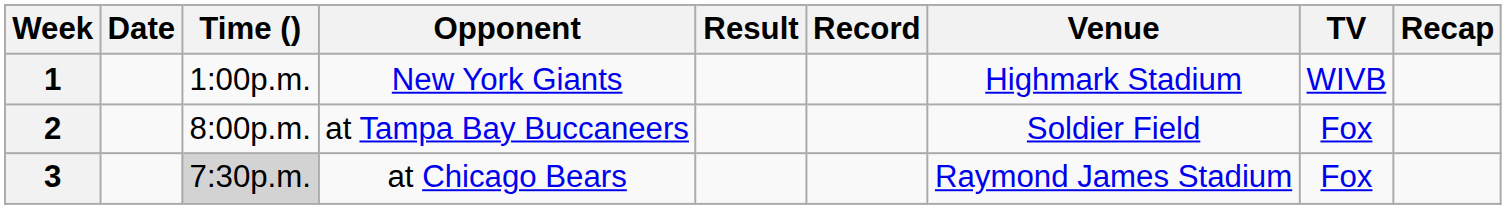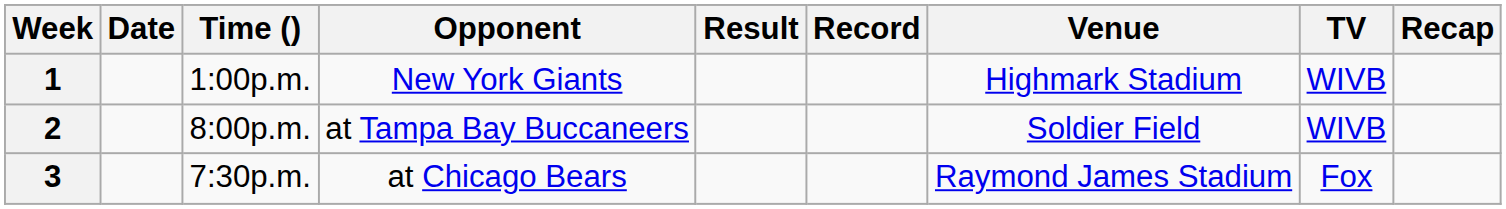 <table class="wikitable" style="text-align:center">
 <tr>
 <th>Week</th>
 <th>Date</th>
 <th>Time (<a href='#'></a>)</th>
 <th>Opponent</th>
 <th>Result</th>
 <th>Record</th>
 <th>Venue</th>
 <th>TV</th>
 <th>Recap</th>
 </tr>
 <tr>
 <th>1</th>
 <td></td>
 <td>1:00p.m.</td>
 <td><a href='#'>New York Giants</a></td>
 <td></td>
 <td></td>
 <td><a href='#'>Highmark Stadium</a></td>
 <td><a href='#'>WIVB</a></td>
 <td></td>
 </tr>
 <tr>
 <th>2</th>
 <td></td>
 <td>8:00p.m.</td>
 <td>at <a href='#'>Tampa Bay Buccaneers</a></td>
 <td></td>
 <td></td>
 <td><a href='#'>Soldier Field</a></td>
-<td><a href='#'>Fox</a></td>
+<td><a href='#'>WIVB</a></td>
 <td></td>
 </tr>
 <tr>
 <th>3</th>
 <td></td>
-<td style="background: lightgrey;">7:30p.m.</td>
+<td>7:30p.m.</td>
 <td>at <a href='#'>Chicago Bears</a></td>
 <td></td>
 <td></td>
 <td><a href='#'>Raymond James Stadium</a></td>
 <td><a href='#'>Fox</a></td>
 <td></td>
 </tr>
 </table>
